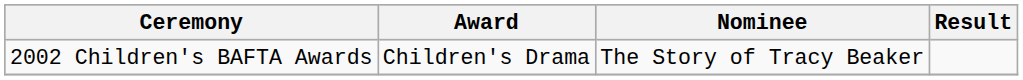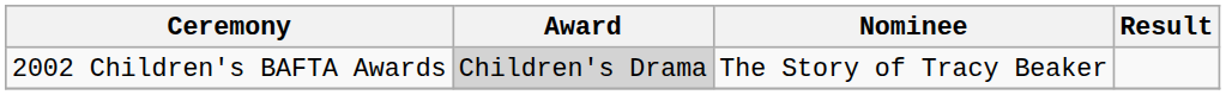 <table class="wikitable">
 <tr>
 <th>Ceremony</th>
 <th>Award</th>
 <th>Nominee</th>
 <th>Result</th>
 </tr>
 <tr>
 <td>2002 Children's BAFTA Awards</td>
-<td>Children's Drama</td>
+<td style="background: lightgrey;">Children's Drama</td>
 <td>The Story of Tracy Beaker</td>
 <td></td>
 </tr>
 <tr>
 </tr>
 </table>
